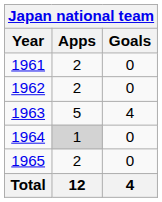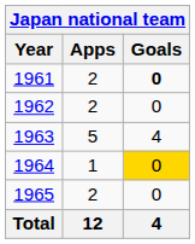 <table class="wikitable" style="text-align:center">
 <tr>
 <th colspan=3><a href='#'>Japan national team</a></th>
 </tr>
 <tr>
 <th>Year</th>
 <th>Apps</th>
 <th>Goals</th>
 </tr>
 <tr>
 <td><a href='#'>1961</a></td>
 <td>2</td>
-<td>0</td>
+<td><strong>0</strong></td>
 </tr>
 <tr>
 <td><a href='#'>1962</a></td>
 <td>2</td>
 <td>0</td>
 </tr>
 <tr>
 <td><a href='#'>1963</a></td>
 <td>5</td>
 <td>4</td>
 </tr>
 <tr>
 <td><a href='#'>1964</a></td>
-<td style="background: lightgrey;">1</td>
-<td>0</td>
+<td>1</td>
+<td style="background: gold;">0</td>
 </tr>
 <tr>
 <td><a href='#'>1965</a></td>
 <td>2</td>
 <td>0</td>
 </tr>
 <tr>
 <th>Total</th>
 <th>12</th>
 <th>4</th>
 </tr>
 </table>
